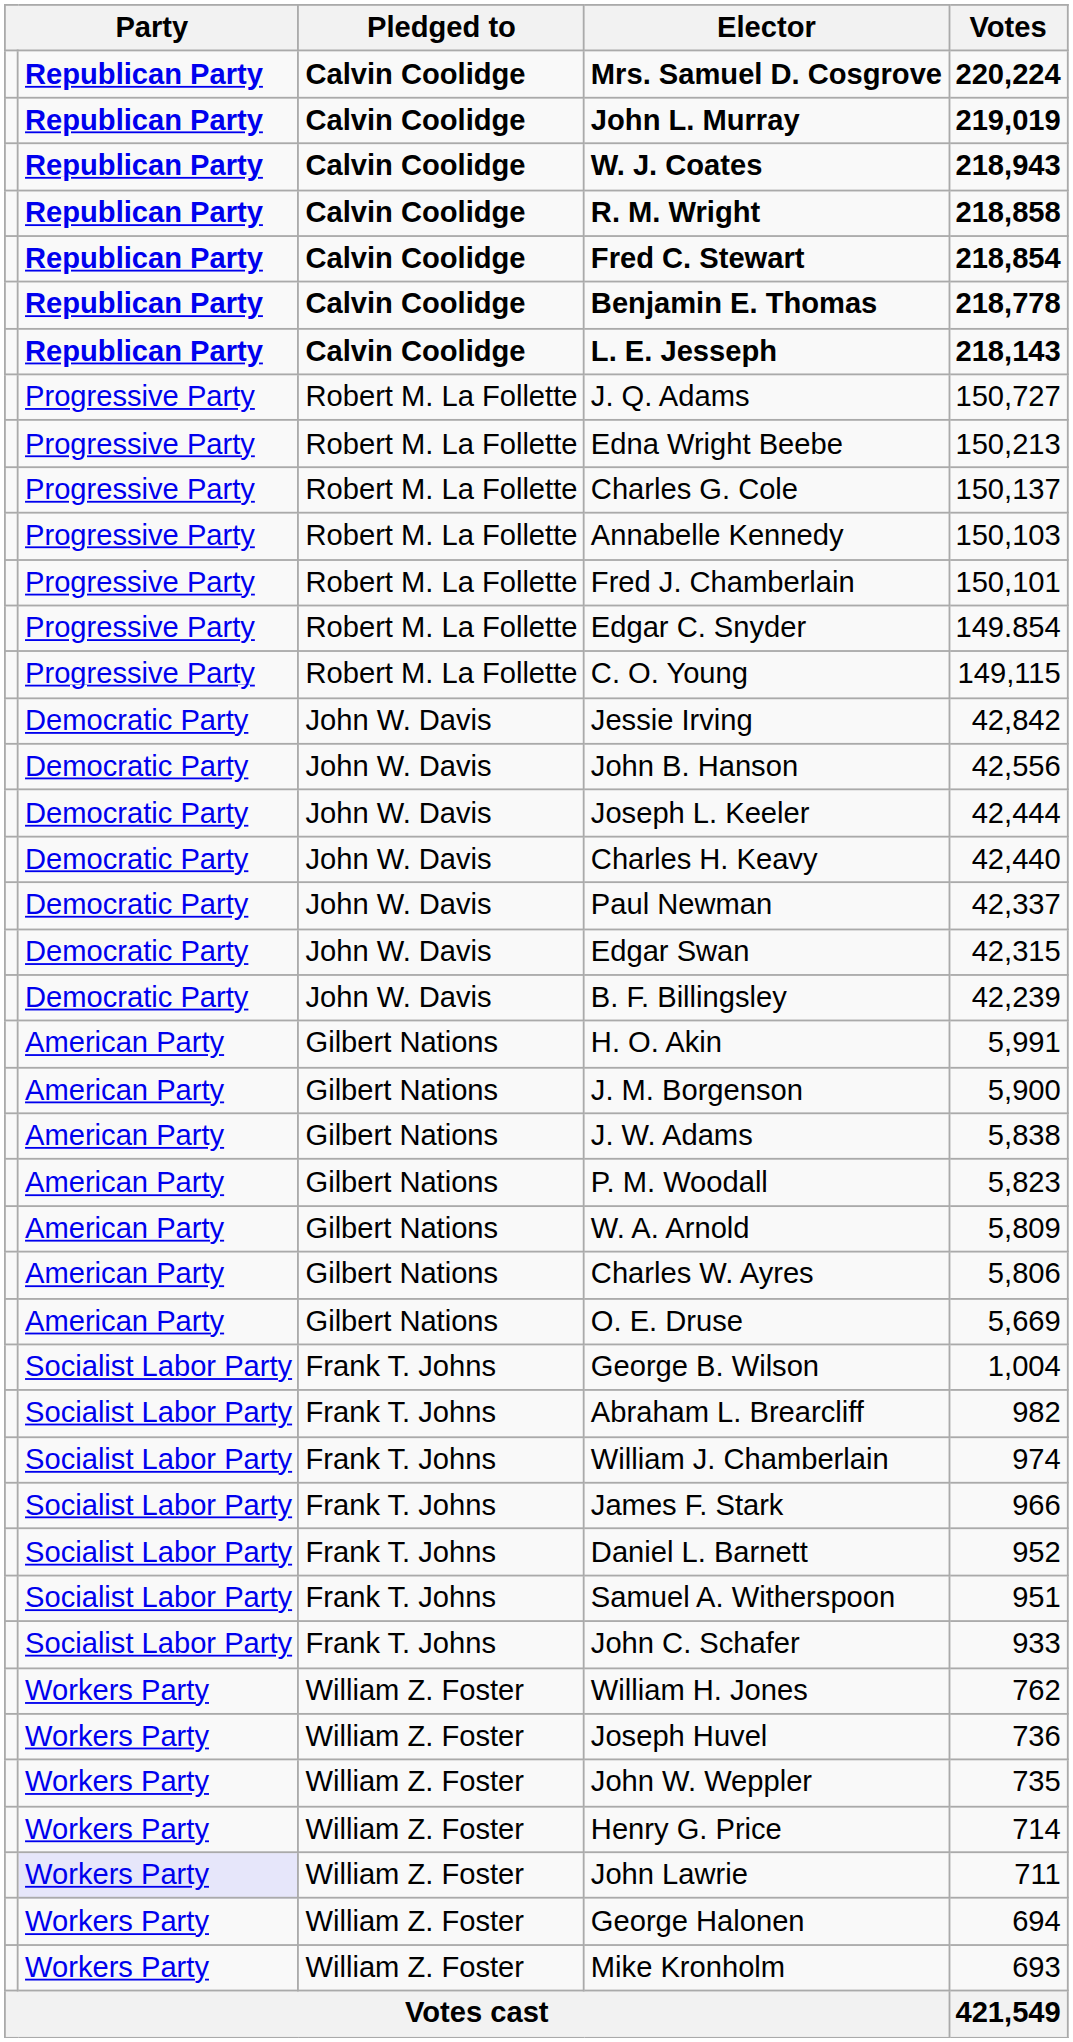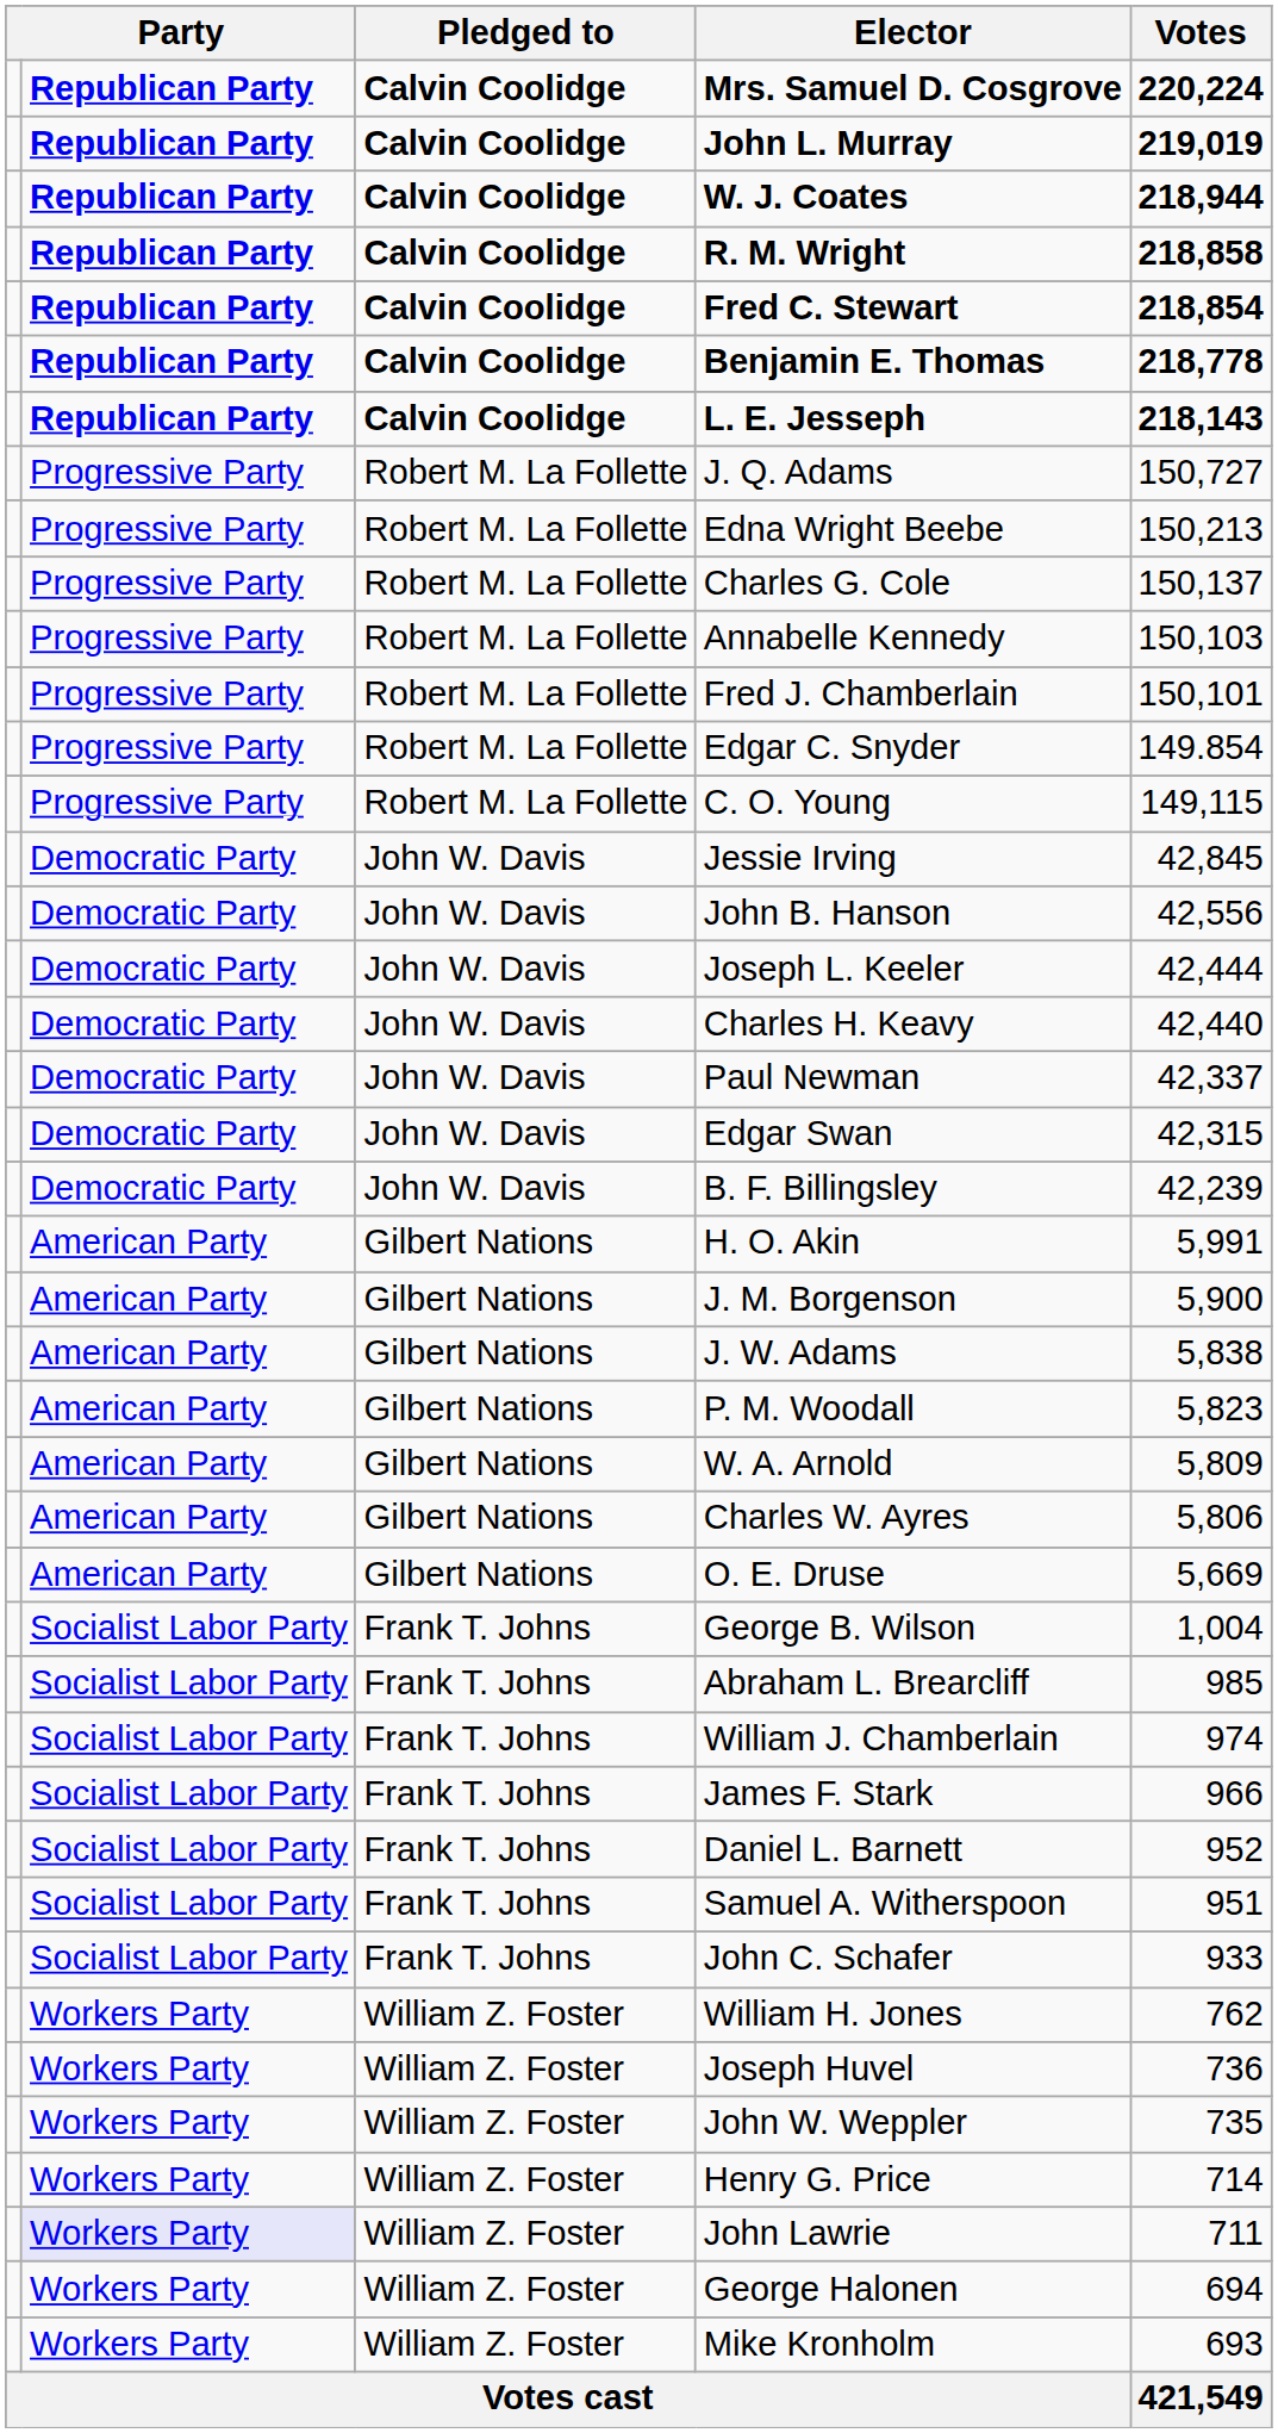 <table class="wikitable">
 <tr>
 <th colspan=2>Party</th>
 <th>Pledged to</th>
 <th>Elector</th>
 <th>Votes</th>
 </tr>
 <tr style="font-weight:bold">
 <td></td>
 <td><a href='#'>Republican Party</a></td>
 <td>Calvin Coolidge</td>
 <td>Mrs. Samuel D. Cosgrove</td>
 <td align="right">220,224</td>
 </tr>
 <tr style="font-weight:bold">
 <td></td>
 <td><a href='#'>Republican Party</a></td>
 <td>Calvin Coolidge</td>
 <td>John L. Murray</td>
 <td align="right">219,019</td>
 </tr>
 <tr style="font-weight:bold">
 <td></td>
 <td><a href='#'>Republican Party</a></td>
 <td>Calvin Coolidge</td>
 <td>W. J. Coates</td>
-<td align="right">218,943</td>
+<td align="right">218,944</td>
 </tr>
 <tr style="font-weight:bold">
 <td></td>
 <td><a href='#'>Republican Party</a></td>
 <td>Calvin Coolidge</td>
 <td>R. M. Wright</td>
 <td align="right">218,858</td>
 </tr>
 <tr style="font-weight:bold">
 <td></td>
 <td><a href='#'>Republican Party</a></td>
 <td>Calvin Coolidge</td>
 <td>Fred C. Stewart</td>
 <td align="right">218,854</td>
 </tr>
 <tr style="font-weight:bold">
 <td></td>
 <td><a href='#'>Republican Party</a></td>
 <td>Calvin Coolidge</td>
 <td>Benjamin E. Thomas</td>
 <td align="right">218,778</td>
 </tr>
 <tr style="font-weight:bold">
 <td></td>
 <td><a href='#'>Republican Party</a></td>
 <td>Calvin Coolidge</td>
 <td>L. E. Jesseph</td>
 <td align="right">218,143</td>
 </tr>
 <tr>
 <td></td>
 <td><a href='#'>Progressive Party</a></td>
 <td>Robert M. La Follette</td>
 <td>J. Q. Adams</td>
 <td align="right">150,727</td>
 </tr>
 <tr>
 <td></td>
 <td><a href='#'>Progressive Party</a></td>
 <td>Robert M. La Follette</td>
 <td>Edna Wright Beebe</td>
 <td align="right">150,213</td>
 </tr>
 <tr>
 <td></td>
 <td><a href='#'>Progressive Party</a></td>
 <td>Robert M. La Follette</td>
 <td>Charles G. Cole</td>
 <td align="right">150,137</td>
 </tr>
 <tr>
 <td></td>
 <td><a href='#'>Progressive Party</a></td>
 <td>Robert M. La Follette</td>
 <td>Annabelle Kennedy</td>
 <td align="right">150,103</td>
 </tr>
 <tr>
 <td></td>
 <td><a href='#'>Progressive Party</a></td>
 <td>Robert M. La Follette</td>
 <td>Fred J. Chamberlain</td>
 <td align="right">150,101</td>
 </tr>
 <tr>
 <td></td>
 <td><a href='#'>Progressive Party</a></td>
 <td>Robert M. La Follette</td>
 <td>Edgar C. Snyder</td>
 <td align="right">149.854</td>
 </tr>
 <tr>
 <td></td>
 <td><a href='#'>Progressive Party</a></td>
 <td>Robert M. La Follette</td>
 <td>C. O. Young</td>
 <td align="right">149,115</td>
 </tr>
 <tr>
 <td></td>
 <td><a href='#'>Democratic Party</a></td>
 <td>John W. Davis</td>
 <td>Jessie Irving</td>
-<td align="right">42,842</td>
+<td align="right">42,845</td>
 </tr>
 <tr>
 <td></td>
 <td><a href='#'>Democratic Party</a></td>
 <td>John W. Davis</td>
 <td>John B. Hanson</td>
 <td align="right">42,556</td>
 </tr>
 <tr>
 <td></td>
 <td><a href='#'>Democratic Party</a></td>
 <td>John W. Davis</td>
 <td>Joseph L. Keeler</td>
 <td align="right">42,444</td>
 </tr>
 <tr>
 <td></td>
 <td><a href='#'>Democratic Party</a></td>
 <td>John W. Davis</td>
 <td>Charles H. Keavy</td>
 <td align="right">42,440</td>
 </tr>
 <tr>
 <td></td>
 <td><a href='#'>Democratic Party</a></td>
 <td>John W. Davis</td>
 <td>Paul Newman</td>
 <td align="right">42,337</td>
 </tr>
 <tr>
 <td></td>
 <td><a href='#'>Democratic Party</a></td>
 <td>John W. Davis</td>
 <td>Edgar Swan</td>
 <td align="right">42,315</td>
 </tr>
 <tr>
 <td></td>
 <td><a href='#'>Democratic Party</a></td>
 <td>John W. Davis</td>
 <td>B. F. Billingsley</td>
 <td align="right">42,239</td>
 </tr>
 <tr>
 <td></td>
 <td><a href='#'>American Party</a></td>
 <td>Gilbert Nations</td>
 <td>H. O. Akin</td>
 <td align="right">5,991</td>
 </tr>
 <tr>
 <td></td>
 <td><a href='#'>American Party</a></td>
 <td>Gilbert Nations</td>
 <td>J. M. Borgenson</td>
 <td align="right">5,900</td>
 </tr>
 <tr>
 <td></td>
 <td><a href='#'>American Party</a></td>
 <td>Gilbert Nations</td>
 <td>J. W. Adams</td>
 <td align="right">5,838</td>
 </tr>
 <tr>
 <td></td>
 <td><a href='#'>American Party</a></td>
 <td>Gilbert Nations</td>
 <td>P. M. Woodall</td>
 <td align="right">5,823</td>
 </tr>
 <tr>
 <td></td>
 <td><a href='#'>American Party</a></td>
 <td>Gilbert Nations</td>
 <td>W. A. Arnold</td>
 <td align="right">5,809</td>
 </tr>
 <tr>
 <td></td>
 <td><a href='#'>American Party</a></td>
 <td>Gilbert Nations</td>
 <td>Charles W. Ayres</td>
 <td align="right">5,806</td>
 </tr>
 <tr>
 <td></td>
 <td><a href='#'>American Party</a></td>
 <td>Gilbert Nations</td>
 <td>O. E. Druse</td>
 <td align="right">5,669</td>
 </tr>
 <tr>
 <td></td>
 <td><a href='#'>Socialist Labor Party</a></td>
 <td>Frank T. Johns</td>
 <td>George B. Wilson</td>
 <td align="right">1,004</td>
 </tr>
 <tr>
 <td></td>
 <td><a href='#'>Socialist Labor Party</a></td>
 <td>Frank T. Johns</td>
 <td>Abraham L. Brearcliff</td>
-<td align="right">982</td>
+<td align="right">985</td>
 </tr>
 <tr>
 <td></td>
 <td><a href='#'>Socialist Labor Party</a></td>
 <td>Frank T. Johns</td>
 <td>William J. Chamberlain</td>
 <td align="right">974</td>
 </tr>
 <tr>
 <td></td>
 <td><a href='#'>Socialist Labor Party</a></td>
 <td>Frank T. Johns</td>
 <td>James F. Stark</td>
 <td align="right">966</td>
 </tr>
 <tr>
 <td></td>
 <td><a href='#'>Socialist Labor Party</a></td>
 <td>Frank T. Johns</td>
 <td>Daniel L. Barnett</td>
 <td align="right">952</td>
 </tr>
 <tr>
 <td></td>
 <td><a href='#'>Socialist Labor Party</a></td>
 <td>Frank T. Johns</td>
 <td>Samuel A. Witherspoon</td>
 <td align="right">951</td>
 </tr>
 <tr>
 <td></td>
 <td><a href='#'>Socialist Labor Party</a></td>
 <td>Frank T. Johns</td>
 <td>John C. Schafer</td>
 <td align="right">933</td>
 </tr>
 <tr>
 <td></td>
 <td><a href='#'>Workers Party</a></td>
 <td>William Z. Foster</td>
 <td>William H. Jones</td>
 <td align="right">762</td>
 </tr>
 <tr>
 <td></td>
 <td><a href='#'>Workers Party</a></td>
 <td>William Z. Foster</td>
 <td>Joseph Huvel</td>
 <td align="right">736</td>
 </tr>
 <tr>
 <td></td>
 <td><a href='#'>Workers Party</a></td>
 <td>William Z. Foster</td>
 <td>John W. Weppler</td>
 <td align="right">735</td>
 </tr>
 <tr>
 <td></td>
 <td><a href='#'>Workers Party</a></td>
 <td>William Z. Foster</td>
 <td>Henry G. Price</td>
 <td align="right">714</td>
 </tr>
 <tr>
 <td></td>
 <td style="background: lavender;"><a href='#'>Workers Party</a></td>
 <td>William Z. Foster</td>
 <td>John Lawrie</td>
 <td align="right">711</td>
 </tr>
 <tr>
 <td></td>
 <td><a href='#'>Workers Party</a></td>
 <td>William Z. Foster</td>
 <td>George Halonen</td>
 <td align="right">694</td>
 </tr>
 <tr>
 <td></td>
 <td><a href='#'>Workers Party</a></td>
 <td>William Z. Foster</td>
 <td>Mike Kronholm</td>
 <td align="right">693</td>
 </tr>
 <tr>
 <th colspan="4">Votes cast</th>
 <th>421,549</th>
 </tr>
 </table>
